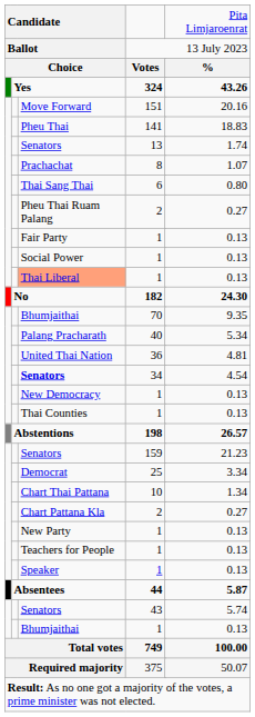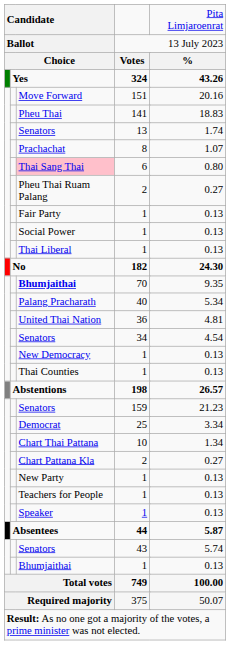 <table class="wikitable" style="font-size:90%; text-align:center; width:300px;">
 <tr>
 <th colspan="3" style="text-align:left;">Candidate</th>
 <td style="background:"></td>
 <td colspan="2" style="text-align: right; width:84px;"><a href='#'>Pita Limjaroenrat</a></td>
 </tr>
 <tr>
 <th colspan="3" style="text-align:left;">Ballot</th>
 <td colspan="3" style="text-align:right;">13 July 2023</td>
 </tr>
 <tr>
 <th colspan="3">Choice</th>
 <th colspan="2">Votes</th>
 <th>%</th>
 </tr>
 <tr>
 <td style="background-color:#008000; width:1px"></td>
 <td colspan="2" style="text-align:left;"><strong>Yes</strong></td>
 <td colspan="2" style="text-align:right;"><strong>324</strong></td>
 <td style="text-align:right;"><strong>43.26</strong></td>
 </tr>
 <tr>
 <td rowspan="9"></td>
 <td style="background:"></td>
 <td style="text-align:left;"><a href='#'>Move Forward</a></td>
 <td colspan="2" style="text-align:right;">151</td>
 <td style="text-align:right;">20.16</td>
 </tr>
 <tr>
 <td style="background:"></td>
 <td style="text-align:left;"><a href='#'>Pheu Thai</a></td>
 <td colspan="2" style="text-align:right;">141</td>
 <td style="text-align:right;">18.83</td>
 </tr>
 <tr>
 <td style="background:"></td>
 <td style="text-align:left;"><a href='#'>Senators</a></td>
 <td colspan="2" style="text-align:right;">13</td>
 <td style="text-align:right;">1.74</td>
 </tr>
 <tr>
 <td style="background:"></td>
 <td style="text-align:left;"><a href='#'>Prachachat</a></td>
 <td colspan="2" style="text-align:right;">8</td>
 <td style="text-align:right;">1.07</td>
 </tr>
 <tr>
 <td style="background:"></td>
-<td style="text-align:left;"><a href='#'>Thai Sang Thai</a></td>
+<td style="background: pink; text-align:left;"><a href='#'>Thai Sang Thai</a></td>
 <td colspan="2" style="text-align:right;">6</td>
 <td style="text-align:right;">0.80</td>
 </tr>
 <tr>
 <td style="background:"></td>
 <td style="text-align:left;">Pheu Thai Ruam Palang</td>
 <td colspan="2" style="text-align:right;">2</td>
 <td style="text-align:right;">0.27</td>
 </tr>
 <tr>
 <td style="background:"></td>
 <td style="text-align:left;">Fair Party</td>
 <td colspan="2" style="text-align:right;">1</td>
 <td style="text-align:right;">0.13</td>
 </tr>
 <tr>
 <td style="background:"></td>
 <td style="text-align:left;">Social Power</td>
 <td colspan="2" style="text-align:right;">1</td>
 <td style="text-align:right;">0.13</td>
 </tr>
 <tr>
 <td style="background:"></td>
-<td style="background: lightsalmon; text-align:left;"><a href='#'>Thai Liberal</a></td>
+<td style="text-align:left;"><a href='#'>Thai Liberal</a></td>
 <td colspan="2" style="text-align:right;">1</td>
 <td style="text-align:right;">0.13</td>
 </tr>
 <tr>
 <td style="background-color:#FF0000; width:1px"></td>
 <td colspan="2" style="text-align:left;"><strong>No</strong></td>
 <td colspan="2" style="text-align:right;"><strong>182</strong></td>
 <td style="text-align:right;"><strong>24.30</strong></td>
 </tr>
 <tr>
 <td rowspan="6"></td>
 <td style="background:"></td>
-<td style="text-align:left;"><a href='#'>Bhumjaithai</a></td>
+<td style="text-align:left;"><strong><a href='#'>Bhumjaithai</a></strong></td>
 <td colspan="2" style="text-align:right;">70</td>
 <td style="text-align:right;">9.35</td>
 </tr>
 <tr>
 <td style="background:"></td>
 <td style="text-align:left;"><a href='#'>Palang Pracharath</a></td>
 <td colspan="2" style="text-align:right;">40</td>
 <td style="text-align:right;">5.34</td>
 </tr>
 <tr>
 <td style="background:"></td>
 <td style="text-align:left;"><a href='#'>United Thai Nation</a></td>
 <td colspan="2" style="text-align:right;">36</td>
 <td style="text-align:right;">4.81</td>
 </tr>
 <tr>
 <td style="background:"></td>
-<td style="text-align:left;"><strong><a href='#'>Senators</a></strong></td>
+<td style="text-align:left;"><a href='#'>Senators</a></td>
 <td colspan="2" style="text-align:right;">34</td>
 <td style="text-align:right;">4.54</td>
 </tr>
 <tr>
 <td style="background:"></td>
 <td style="text-align:left;"><a href='#'>New Democracy</a></td>
 <td colspan="2" style="text-align:right;">1</td>
 <td style="text-align:right;">0.13</td>
 </tr>
 <tr>
 <td style="background:"></td>
 <td style="text-align:left;">Thai Counties</td>
 <td colspan="2" style="text-align:right;">1</td>
 <td style="text-align:right;">0.13</td>
 </tr>
 <tr>
 <td style="background-color:#808080; width:1px"></td>
 <td colspan="2" style="text-align:left;"><strong>Abstentions</strong></td>
 <td colspan="2" style="text-align:right;"><strong>198</strong></td>
 <td style="text-align:right;"><strong>26.57</strong></td>
 </tr>
 <tr>
 <td rowspan="7"></td>
 <td style="background:"></td>
 <td style="text-align:left;"><a href='#'>Senators</a></td>
 <td colspan="2" style="text-align:right;">159</td>
 <td style="text-align:right;">21.23</td>
 </tr>
 <tr>
 <td style="background:"></td>
 <td style="text-align:left;"><a href='#'>Democrat</a></td>
 <td colspan="2" style="text-align:right;">25</td>
 <td style="text-align:right;">3.34</td>
 </tr>
 <tr>
 <td style="background:"></td>
 <td style="text-align:left;"><a href='#'>Chart Thai Pattana</a></td>
 <td colspan="2" style="text-align:right;">10</td>
 <td style="text-align:right;">1.34</td>
 </tr>
 <tr>
 <td style="background:"></td>
 <td style="text-align:left;"><a href='#'>Chart Pattana Kla</a></td>
 <td colspan="2" style="text-align:right;">2</td>
 <td style="text-align:right;">0.27</td>
 </tr>
 <tr>
 <td style="background:"></td>
 <td style="text-align:left;">New Party</td>
 <td colspan="2" style="text-align:right;">1</td>
 <td style="text-align:right;">0.13</td>
 </tr>
 <tr>
 <td style="background:"></td>
 <td style="text-align:left;">Teachers for People</td>
 <td colspan="2" style="text-align:right;">1</td>
 <td style="text-align:right;">0.13</td>
 </tr>
 <tr>
 <td style="background:"></td>
 <td style="text-align:left;"><a href='#'>Spea</a><a href='#'>ker</a></td>
 <td colspan="2" style="text-align:right;"><a href='#'>1</a></td>
 <td style="text-align:right;">0.13</td>
 </tr>
 <tr>
 <td style="background-color:#000000; width:1px"></td>
 <td colspan="2" style="text-align:left;"><strong>Absentees</strong></td>
 <td colspan="2" style="text-align:right;"><strong>44</strong></td>
 <td style="text-align:right;"><strong>5.87</strong></td>
 </tr>
 <tr>
 <td rowspan="2"></td>
 <td style="background:"></td>
 <td style="text-align:left;"><a href='#'>Senators</a></td>
 <td colspan="2" style="text-align:right;">43</td>
 <td style="text-align:right;">5.74</td>
 </tr>
 <tr>
 <td style="background:"></td>
 <td style="text-align:left;"><a href='#'>Bhumjaithai</a></td>
 <td colspan="2" style="text-align:right;">1</td>
 <td style="text-align:right;">0.13</td>
 </tr>
 <tr style="background-color:#F6F6F6;">
 <th colspan="3" style="text-align:right;">Total votes</th>
 <td colspan="2" style="text-align:right;"><strong>749</strong></td>
 <td style="text-align:right;"><strong>100.00</strong></td>
 </tr>
 <tr style="background-color:#F6F6F6;">
 <th colspan="3" style="text-align:right;">Required majority</th>
 <td colspan="2" style="text-align:right;">375</td>
 <td style="text-align:right;">50.07</td>
 </tr>
 <tr>
 <td colspan="6" style="text-align:left;"><strong>Result:</strong> As no one got a majority of the votes, a <a href='#'>prime minister</a> was not elected.</td>
 </tr>
 </table>
